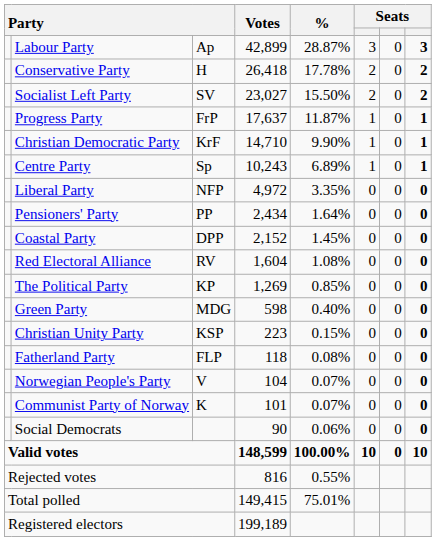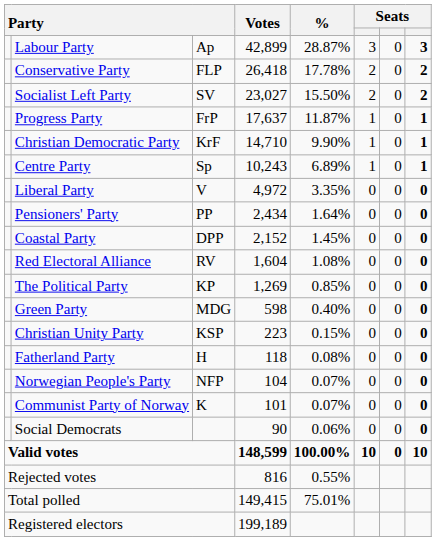 <table class="wikitable" border="1" style="text-align:right;">
 <tr>
 <th style="text-align:left;" valign=bottom rowspan=2 colspan=3>Party</th>
 <th align=center valign=bottom rowspan=2 width="50">Votes</th>
 <th align=center valign=bottom rowspan=2 width="50">%</th>
 <th colspan=3>Seats</th>
 </tr>
 <tr>
 <th align=center valign=bottom width="20"><small></small></th>
 <th align=center valign=bottom width="20"><small><a href='#'></a></small></th>
 <th align=center valign=bottom width="20"><small></small></th>
 </tr>
 <tr>
 <td style="color:inherit;background:"></td>
 <td align=left><a href='#'>Labour Party</a></td>
 <td align=left>Ap</td>
 <td>42,899</td>
 <td>28.87%</td>
 <td>3</td>
 <td>0</td>
 <td><strong>3</strong></td>
 </tr>
 <tr>
 <td style="color:inherit;background:"></td>
 <td align=left><a href='#'>Conservative Party</a></td>
-<td align=left>H</td>
+<td align=left>FLP</td>
 <td>26,418</td>
 <td>17.78%</td>
 <td>2</td>
 <td>0</td>
 <td><strong>2</strong></td>
 </tr>
 <tr>
 <td style="color:inherit;background:"></td>
 <td align=left><a href='#'>Socialist Left Party</a></td>
 <td align=left>SV</td>
 <td>23,027</td>
 <td>15.50%</td>
 <td>2</td>
 <td>0</td>
 <td><strong>2</strong></td>
 </tr>
 <tr>
 <td style="color:inherit;background:"></td>
 <td align=left><a href='#'>Progress Party</a></td>
 <td align=left>FrP</td>
 <td>17,637</td>
 <td>11.87%</td>
 <td>1</td>
 <td>0</td>
 <td><strong>1</strong></td>
 </tr>
 <tr>
 <td style="color:inherit;background:"></td>
 <td align=left><a href='#'>Christian Democratic Party</a></td>
 <td align=left>KrF</td>
 <td>14,710</td>
 <td>9.90%</td>
 <td>1</td>
 <td>0</td>
 <td><strong>1</strong></td>
 </tr>
 <tr>
 <td style="color:inherit;background:"></td>
 <td align=left><a href='#'>Centre Party</a></td>
 <td align=left>Sp</td>
 <td>10,243</td>
 <td>6.89%</td>
 <td>1</td>
 <td>0</td>
 <td><strong>1</strong></td>
 </tr>
 <tr>
 <td style="color:inherit;background:"></td>
 <td align=left><a href='#'>Liberal Party</a></td>
-<td align=left>NFP</td>
+<td align=left>V</td>
 <td>4,972</td>
 <td>3.35%</td>
 <td>0</td>
 <td>0</td>
 <td><strong>0</strong></td>
 </tr>
 <tr>
 <td style="color:inherit;background:"></td>
 <td align=left><a href='#'>Pensioners' Party</a></td>
 <td align=left>PP</td>
 <td>2,434</td>
 <td>1.64%</td>
 <td>0</td>
 <td>0</td>
 <td><strong>0</strong></td>
 </tr>
 <tr>
 <td style="color:inherit;background:"></td>
 <td align=left><a href='#'>Coastal Party</a></td>
 <td align=left>DPP</td>
 <td>2,152</td>
 <td>1.45%</td>
 <td>0</td>
 <td>0</td>
 <td><strong>0</strong></td>
 </tr>
 <tr>
 <td style="color:inherit;background:"></td>
 <td align=left><a href='#'>Red Electoral Alliance</a></td>
 <td align=left>RV</td>
 <td>1,604</td>
 <td>1.08%</td>
 <td>0</td>
 <td>0</td>
 <td><strong>0</strong></td>
 </tr>
 <tr>
 <td style="color:inherit;background:"></td>
 <td align=left><a href='#'>The Political Party</a></td>
 <td align=left>KP</td>
 <td>1,269</td>
 <td>0.85%</td>
 <td>0</td>
 <td>0</td>
 <td><strong>0</strong></td>
 </tr>
 <tr>
 <td style="color:inherit;background:"></td>
 <td align=left><a href='#'>Green Party</a></td>
 <td align=left>MDG</td>
 <td>598</td>
 <td>0.40%</td>
 <td>0</td>
 <td>0</td>
 <td><strong>0</strong></td>
 </tr>
 <tr>
 <td style="color:inherit;background:"></td>
 <td align=left><a href='#'>Christian Unity Party</a></td>
 <td align=left>KSP</td>
 <td>223</td>
 <td>0.15%</td>
 <td>0</td>
 <td>0</td>
 <td><strong>0</strong></td>
 </tr>
 <tr>
 <td style="color:inherit;background:"></td>
 <td align=left><a href='#'>Fatherland Party</a></td>
-<td align=left>FLP</td>
+<td align=left>H</td>
 <td>118</td>
 <td>0.08%</td>
 <td>0</td>
 <td>0</td>
 <td><strong>0</strong></td>
 </tr>
 <tr>
 <td style="color:inherit;background:"></td>
 <td align=left><a href='#'>Norwegian People's Party</a></td>
-<td align=left>V</td>
+<td align=left>NFP</td>
 <td>104</td>
 <td>0.07%</td>
 <td>0</td>
 <td>0</td>
 <td><strong>0</strong></td>
 </tr>
 <tr>
 <td style="color:inherit;background:"></td>
 <td align=left><a href='#'>Communist Party of Norway</a></td>
 <td align=left>K</td>
 <td>101</td>
 <td>0.07%</td>
 <td>0</td>
 <td>0</td>
 <td><strong>0</strong></td>
 </tr>
 <tr>
 <td></td>
 <td align=left>Social Democrats</td>
 <td align=left></td>
 <td>90</td>
 <td>0.06%</td>
 <td>0</td>
 <td>0</td>
 <td><strong>0</strong></td>
 </tr>
 <tr style="font-weight:bold">
 <td align=left colspan=3>Valid votes</td>
 <td>148,599</td>
 <td>100.00%</td>
 <td>10</td>
 <td>0</td>
 <td>10</td>
 </tr>
 <tr>
 <td align=left colspan=3>Rejected votes</td>
 <td>816</td>
 <td>0.55%</td>
 <td></td>
 <td></td>
 <td></td>
 </tr>
 <tr>
 <td align=left colspan=3>Total polled</td>
 <td>149,415</td>
 <td>75.01%</td>
 <td></td>
 <td></td>
 <td></td>
 </tr>
 <tr>
 <td align=left colspan=3>Registered electors</td>
 <td>199,189</td>
 <td></td>
 <td></td>
 <td></td>
 <td></td>
 </tr>
 </table>
